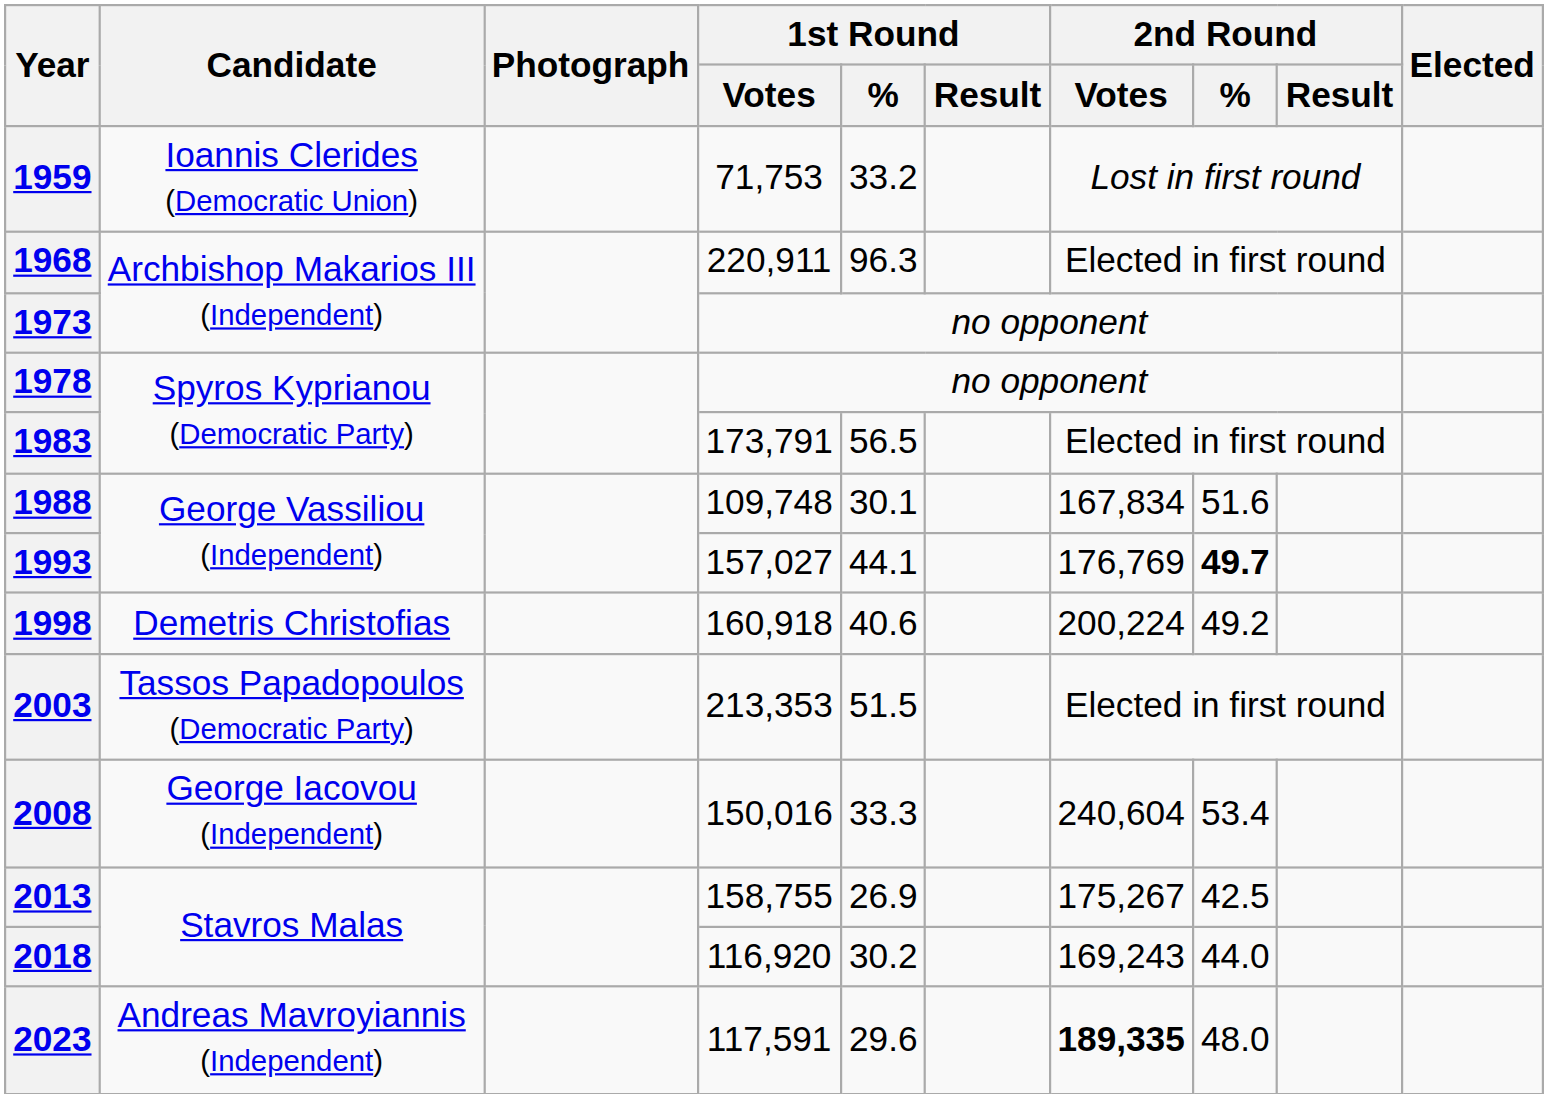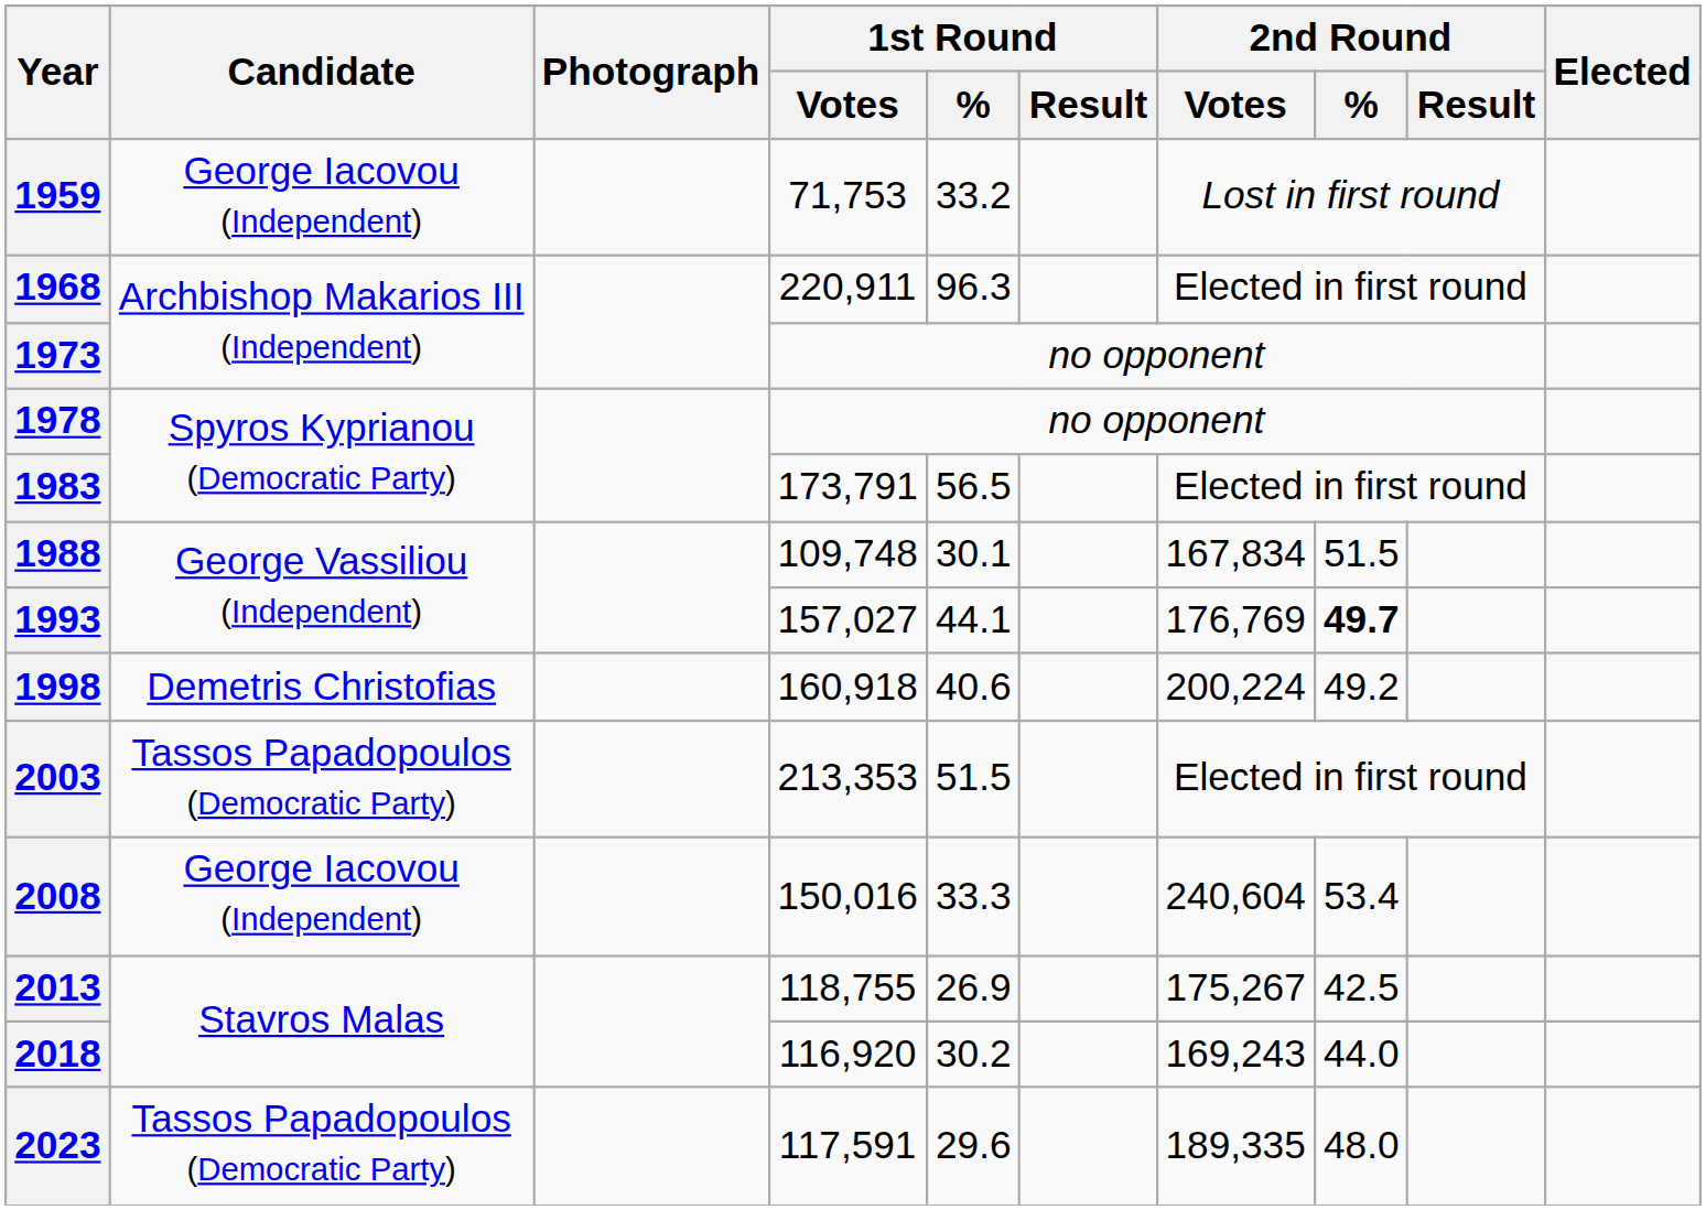 <table class="wikitable" style="text-align:center;font-size:100%;line-height:20px;">
 <tr>
 <th rowspan="2">Year</th>
 <th rowspan="2">Candidate</th>
 <th rowspan="2">Photograph</th>
 <th colspan="3">1st Round</th>
 <th colspan="3">2nd Round</th>
 <th rowspan="2">Elected</th>
 </tr>
 <tr>
 <th>Votes</th>
 <th>%</th>
 <th>Result</th>
 <th>Votes</th>
 <th>%</th>
 <th>Result</th>
 </tr>
 <tr>
 <th><a href='#'>1959</a></th>
-<td><a href='#'>Ioannis Clerides</a><br><small>(<a href='#'>Democratic Union</a>)</small></td>
+<td><a href='#'>George Iacovou</a><br><small>(<a href='#'>Independent</a>)</small></td>
 <td></td>
 <td>71,753</td>
 <td>33.2</td>
 <td></td>
 <td colspan="3"><em>Lost in first round</em></td>
 <td></td>
 </tr>
 <tr>
 <th><a href='#'>1968</a></th>
 <td rowspan="2"><a href='#'>Archbishop Makarios III</a><br><small>(<a href='#'>Independent</a>)</small></td>
 <td rowspan="2"></td>
 <td>220,911</td>
 <td>96.3</td>
 <td></td>
 <td colspan="3">Elected in first round</td>
 <td></td>
 </tr>
 <tr>
 <th><a href='#'>1973</a></th>
 <td colspan="6"><em>no opponent</em></td>
 <td></td>
 </tr>
 <tr>
 <th><a href='#'>1978</a></th>
 <td rowspan="2"><a href='#'>Spyros Kyprianou</a><br><small>(<a href='#'>Democratic Party</a>)</small></td>
 <td rowspan="2"></td>
 <td colspan="6"><em>no opponent</em></td>
 <td></td>
 </tr>
 <tr>
 <th><a href='#'>1983</a></th>
 <td>173,791</td>
 <td>56.5</td>
 <td></td>
 <td colspan="3">Elected in first round</td>
 <td></td>
 </tr>
 <tr>
 <th><a href='#'>1988</a></th>
 <td rowspan="2"><a href='#'>George Vassiliou</a><br><small>(<a href='#'>Independent</a>)</small></td>
 <td rowspan="2"></td>
 <td>109,748</td>
 <td>30.1</td>
 <td></td>
 <td>167,834</td>
-<td>51.6</td>
+<td>51.5</td>
 <td></td>
 <td></td>
 </tr>
 <tr>
 <th><a href='#'>1993</a></th>
 <td>157,027</td>
 <td>44.1</td>
 <td></td>
 <td>176,769</td>
 <td><strong>49.7</strong></td>
 <td></td>
 <td></td>
 </tr>
 <tr>
 <th><a href='#'>1998</a></th>
 <td><a href='#'>Demetris Christofias</a></td>
 <td></td>
 <td>160,918</td>
 <td>40.6</td>
 <td></td>
 <td>200,224</td>
 <td>49.2</td>
 <td></td>
 <td></td>
 </tr>
 <tr>
 <th><a href='#'>2003</a></th>
 <td><a href='#'>Tassos Papadopoulos</a><br><small>(<a href='#'>Democratic Party</a>)</small></td>
 <td></td>
 <td>213,353</td>
 <td>51.5</td>
 <td></td>
 <td colspan="3">Elected in first round</td>
 <td></td>
 </tr>
 <tr>
 <th><a href='#'>2008</a></th>
 <td><a href='#'>George Iacovou</a><br><small>(<a href='#'>Independent</a>)</small></td>
 <td></td>
 <td>150,016</td>
 <td>33.3</td>
 <td></td>
 <td>240,604</td>
 <td>53.4</td>
 <td></td>
 <td></td>
 </tr>
 <tr>
 <th><a href='#'>2013</a></th>
 <td rowspan="2"><a href='#'>Stavros Malas</a></td>
 <td rowspan="2"></td>
-<td>158,755</td>
+<td>118,755</td>
 <td>26.9</td>
 <td></td>
 <td>175,267</td>
 <td>42.5</td>
 <td></td>
 <td></td>
 </tr>
 <tr>
 <th><a href='#'>2018</a></th>
 <td>116,920</td>
 <td>30.2</td>
 <td></td>
 <td>169,243</td>
 <td>44.0</td>
 <td></td>
 <td></td>
 </tr>
 <tr>
 <th><a href='#'>2023</a></th>
-<td><a href='#'>Andreas Mavroyiannis</a><br><small>(<a href='#'>Independent</a>)</small></td>
+<td><a href='#'>Tassos Papadopoulos</a><br><small>(<a href='#'>Democratic Party</a>)</small></td>
 <td></td>
 <td>117,591</td>
 <td>29.6</td>
 <td></td>
-<td><strong>189,335</strong></td>
+<td>189,335</td>
 <td>48.0</td>
 <td></td>
 <td></td>
 </tr>
 </table>
